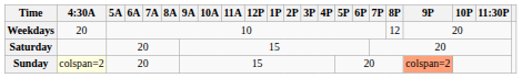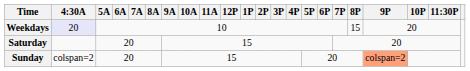 <table class="wikitable" style="text-align: center;">
 <tr>
 <th>Time</th>
 <th>4:30A</th>
 <th>5A</th>
 <th>6A</th>
 <th>7A</th>
 <th>8A</th>
 <th>9A</th>
 <th>10A</th>
 <th>11A</th>
 <th>12P</th>
 <th>1P</th>
 <th>2P</th>
 <th>3P</th>
 <th>4P</th>
 <th>5P</th>
 <th>6P</th>
 <th>7P</th>
 <th>8P</th>
 <th>9P</th>
 <th>10P</th>
 <th>11:30P</th>
 <th></th>
 </tr>
 <tr>
 <th>Weekdays</th>
-<td>20</td>
+<td style="background: lavender;">20</td>
 <td colspan="15">10</td>
-<td>12</td>
+<td>15</td>
 <td colspan="3">20</td>
 <td rowspan="3"></td>
 </tr>
 <tr>
 <th>Saturday</th>
 <td></td>
 <td colspan="4">20</td>
 <td colspan="10">15</td>
 <td colspan="5">20</td>
 </tr>
 <tr>
 <th>Sunday</th>
-<td style="background: lightyellow;">colspan=2 </td>
+<td>colspan=2 </td>
 <td colspan="4">20</td>
 <td colspan="8">15</td>
 <td colspan="4">20</td>
 <td style="background: lightsalmon;">colspan=2 </td>
 </tr>
 </table>
